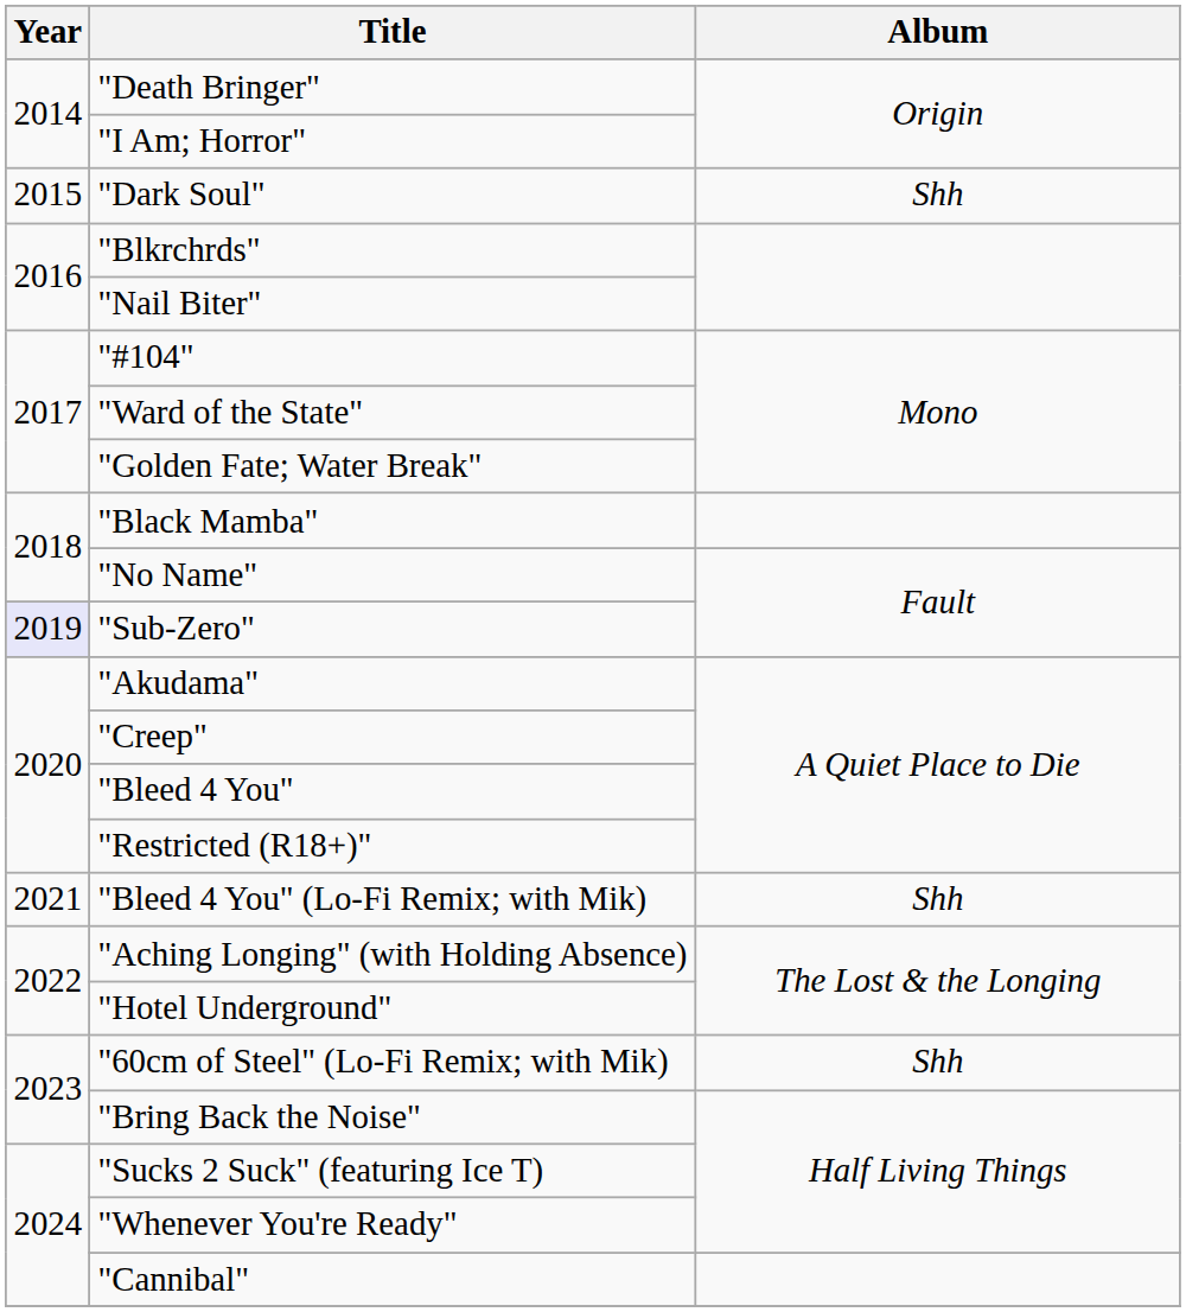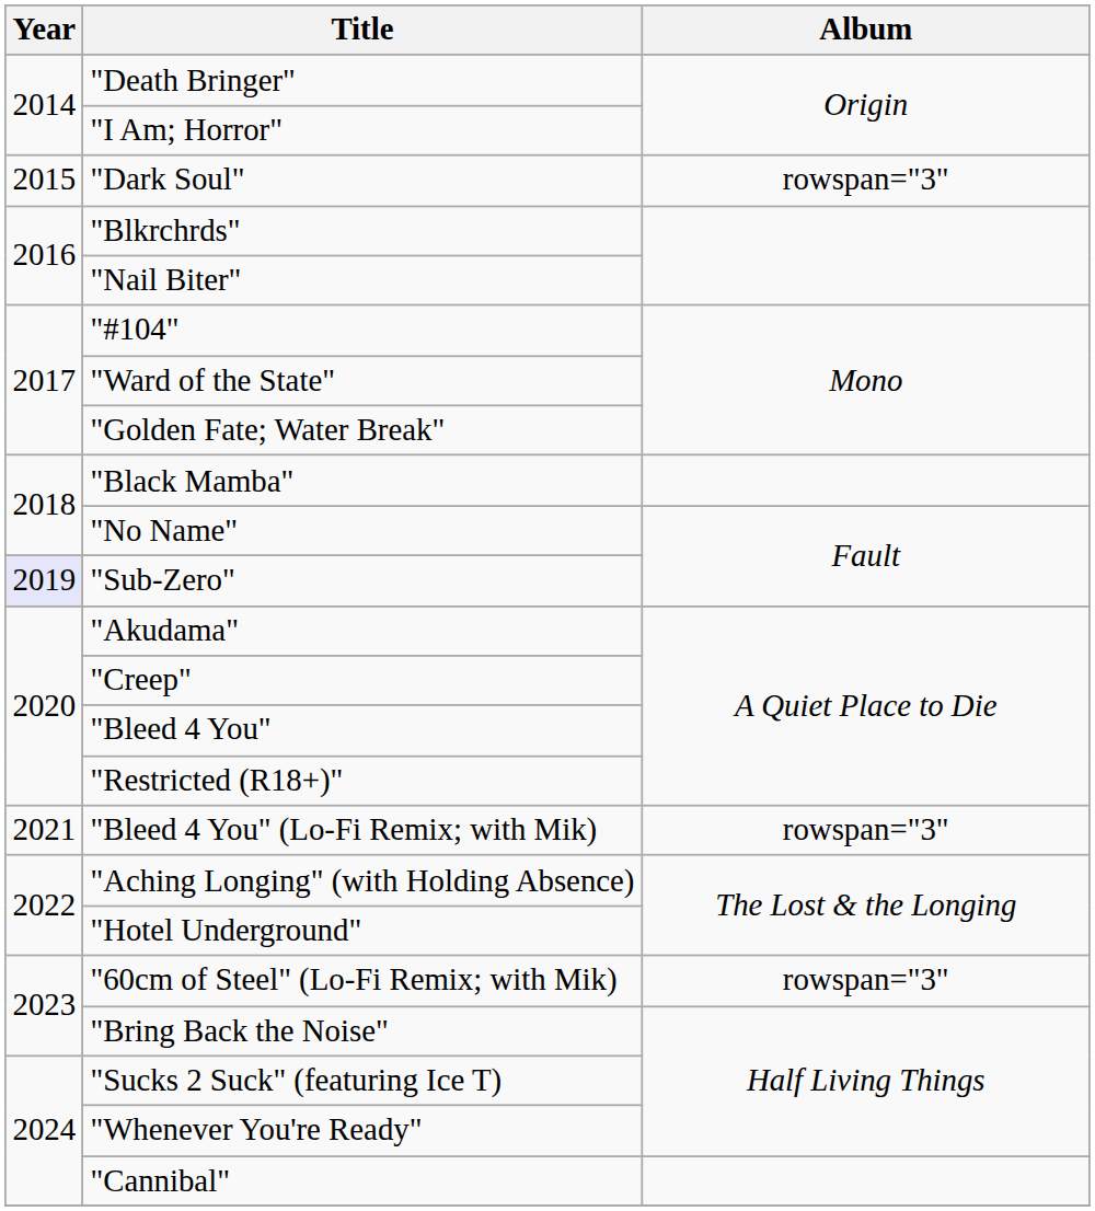 <table class="wikitable" style="text-align:center;">
 <tr>
 <th scope="col">Year</th>
 <th scope="col">Title</th>
 <th scope="col" width="220">Album</th>
 </tr>
 <tr>
 <td rowspan="2">2014</td>
 <td align="left">"Death Bringer"</td>
 <td rowspan="2"><em>Origin</em></td>
 </tr>
 <tr>
 <td align="left">"I Am; Horror"</td>
 </tr>
 <tr>
 <td>2015</td>
 <td align="left">"Dark Soul"</td>
-<td><em>Shh</em></td>
+<td>rowspan="3" </td>
 </tr>
 <tr>
 <td rowspan="2">2016</td>
 <td align="left">"Blkrchrds"</td>
 </tr>
 <tr>
 <td align="left">"Nail Biter"</td>
 </tr>
 <tr>
 <td rowspan="3">2017</td>
 <td align="left">"#104"</td>
 <td rowspan="3"><em>Mono</em></td>
 </tr>
 <tr>
 <td align="left">"Ward of the State"</td>
 </tr>
 <tr>
 <td align="left">"Golden Fate; Water Break"</td>
 </tr>
 <tr>
 <td rowspan="2">2018</td>
 <td align="left">"Black Mamba"</td>
 <td></td>
 </tr>
 <tr>
 <td align="left">"No Name"</td>
 <td rowspan="2"><em>Fault</em></td>
 </tr>
 <tr>
 <td style="background: lavender;">2019</td>
 <td align="left">"Sub-Zero"</td>
 </tr>
 <tr>
 <td rowspan="4">2020</td>
 <td align="left">"Akudama"</td>
 <td rowspan="4"><em>A Quiet Place to Die</em></td>
 </tr>
 <tr>
 <td align="left">"Creep"</td>
 </tr>
 <tr>
 <td align="left">"Bleed 4 You"</td>
 </tr>
 <tr>
 <td align="left">"Restricted (R18+)"</td>
 </tr>
 <tr>
 <td>2021</td>
 <td align="left">"Bleed 4 You" (Lo-Fi Remix; with Mik)</td>
-<td><em>Shh</em></td>
+<td>rowspan="3" </td>
 </tr>
 <tr>
 <td rowspan="2">2022</td>
 <td align="left">"Aching Longing" (with Holding Absence)</td>
 <td rowspan="2"><em>The Lost & the Longing</em></td>
 </tr>
 <tr>
 <td align="left">"Hotel Underground"</td>
 </tr>
 <tr>
 <td rowspan="2">2023</td>
 <td align="left">"60cm of Steel" (Lo-Fi Remix; with Mik)</td>
-<td><em>Shh</em></td>
+<td>rowspan="3" </td>
 </tr>
 <tr>
 <td align="left">"Bring Back the Noise"</td>
 <td rowspan="3"><em>Half Living Things</em></td>
 </tr>
 <tr>
 <td rowspan="3">2024</td>
 <td align="left">"Sucks 2 Suck" (featuring Ice T)</td>
 </tr>
 <tr>
 <td align="left">"Whenever You're Ready"</td>
 </tr>
 <tr>
 <td align="left">"Cannibal" </td>
 <td></td>
 </tr>
 <tr>
 </tr>
 </table>
